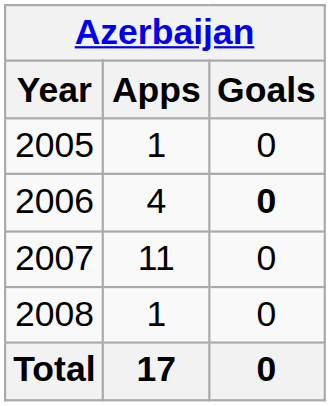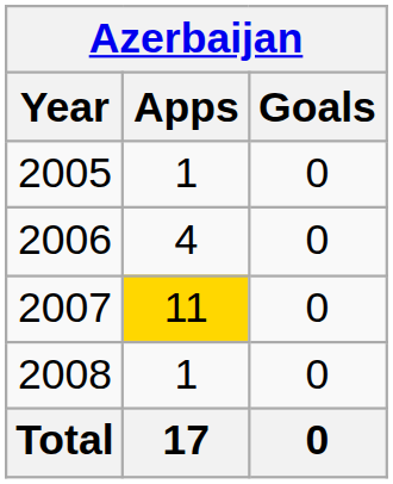 <table class="wikitable" style="text-align:center">
 <tr>
 <th colspan=3><a href='#'>Azerbaijan</a></th>
 </tr>
 <tr>
 <th>Year</th>
 <th>Apps</th>
 <th>Goals</th>
 </tr>
 <tr>
 <td>2005</td>
 <td>1</td>
 <td>0</td>
 </tr>
 <tr>
 <td>2006</td>
 <td>4</td>
-<td><strong>0</strong></td>
+<td>0</td>
 </tr>
 <tr>
 <td>2007</td>
-<td>11</td>
+<td style="background: gold;">11</td>
 <td>0</td>
 </tr>
 <tr>
 <td>2008</td>
 <td>1</td>
 <td>0</td>
 </tr>
 <tr>
 <th>Total</th>
 <th>17</th>
 <th>0</th>
 </tr>
 </table>
